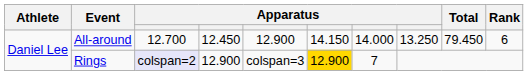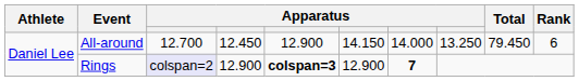 <table class="wikitable" style="font-size:90%">
 <tr>
 <th rowspan=2>Athlete</th>
 <th rowspan=2>Event</th>
 <th colspan=6>Apparatus</th>
 <th rowspan=2>Total</th>
 <th rowspan=2>Rank</th>
 </tr>
 <tr style="font-size:95%">
 <th></th>
 <th></th>
 <th></th>
 <th></th>
 <th></th>
 <th></th>
 </tr>
 <tr align=center>
 <td align=left rowspan=2><a href='#'>Daniel Lee</a></td>
 <td align=left><a href='#'>All-around</a></td>
 <td>12.700</td>
 <td>12.450</td>
 <td>12.900</td>
 <td>14.150</td>
 <td>14.000</td>
 <td>13.250</td>
 <td>79.450</td>
 <td>6</td>
 </tr>
 <tr align=center>
 <td align=left><a href='#'>Rings</a></td>
 <td style="background: lavender;">colspan=2 </td>
 <td>12.900</td>
-<td>colspan=3 </td>
-<td style="background: gold;">12.900</td>
-<td>7</td>
+<td><strong>colspan=3 </strong></td>
+<td>12.900</td>
+<td><strong>7</strong></td>
 </tr>
 </table>
